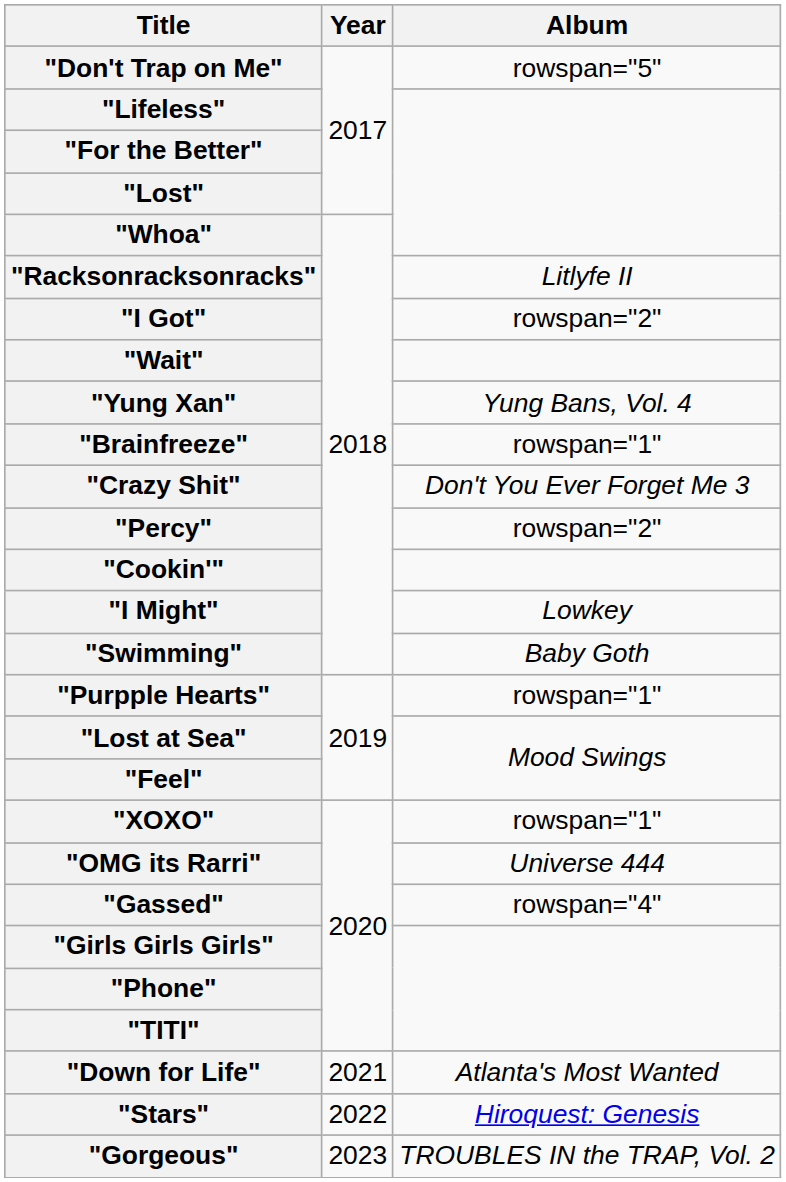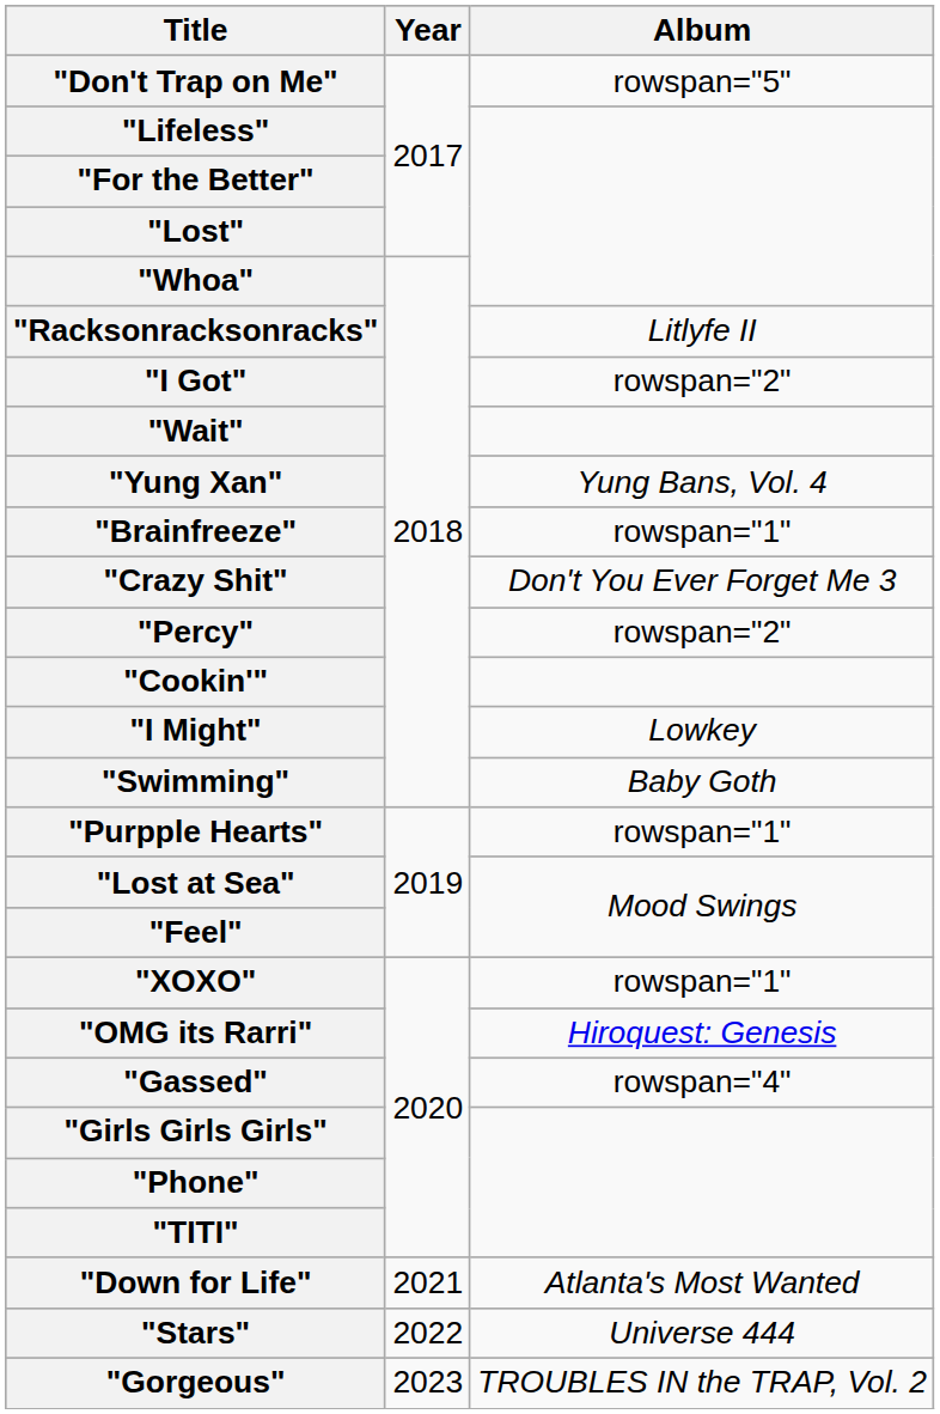 <table class="wikitable plainrowheaders" style="text-align: center;">
 <tr>
 <th scope="col" rowspan="1">Title</th>
 <th scope="col" rowspan="1">Year</th>
 <th scope="col" rowspan="1">Album</th>
 </tr>
 <tr>
 <th scope="row">"Don't Trap on Me"<br></th>
 <td rowspan="4">2017</td>
 <td>rowspan="5" </td>
 </tr>
 <tr>
 <th scope="row">"Lifeless"<br></th>
 </tr>
 <tr>
 <th scope="row">"For the Better"<br></th>
 </tr>
 <tr>
 <th scope="row">"Lost"<br></th>
 </tr>
 <tr>
 <th scope="row">"Whoa"<br></th>
 <td rowspan="11">2018</td>
 </tr>
 <tr>
 <th scope="row">"Racksonracksonracks"<br></th>
 <td rowspan="1"><em>Litlyfe II</em></td>
 </tr>
 <tr>
 <th scope="row">"I Got"<br></th>
 <td>rowspan="2" </td>
 </tr>
 <tr>
 <th scope="row">"Wait"<br></th>
 </tr>
 <tr>
 <th scope="row">"Yung Xan"<br></th>
 <td rowspan="1"><em>Yung Bans, Vol. 4</em></td>
 </tr>
 <tr>
 <th scope="row">"Brainfreeze"<br></th>
 <td>rowspan="1" </td>
 </tr>
 <tr>
 <th scope="row">"Crazy Shit"<br></th>
 <td rowspan="1"><em>Don't You Ever Forget Me 3</em></td>
 </tr>
 <tr>
 <th scope="row">"Percy"<br></th>
 <td>rowspan="2" </td>
 </tr>
 <tr>
 <th scope="row">"Cookin'"<br></th>
 </tr>
 <tr>
 <th scope="row">"I Might"<br></th>
 <td rowspan="1"><em>Lowkey</em></td>
 </tr>
 <tr>
 <th scope="row">"Swimming"<br></th>
 <td rowspan="1"><em>Baby Goth</em></td>
 </tr>
 <tr>
 <th scope="row">"Purpple Hearts"<br></th>
 <td rowspan="3">2019</td>
 <td>rowspan="1" </td>
 </tr>
 <tr>
 <th scope="row">"Lost at Sea"<br></th>
 <td rowspan="2"><em>Mood Swings</em></td>
 </tr>
 <tr>
 <th scope="row">"Feel"<br></th>
 </tr>
 <tr>
 <th scope="row">"XOXO"<br></th>
 <td rowspan="6">2020</td>
 <td>rowspan="1" </td>
 </tr>
 <tr>
 <th scope="row">"OMG its Rarri"<br></th>
-<td rowspan="1"><em>Universe 444</em></td>
+<td rowspan="1"><em><a href='#'>Hiroquest: Genesis</a></em></td>
 </tr>
 <tr>
 <th scope="row">"Gassed"<br></th>
 <td>rowspan="4" </td>
 </tr>
 <tr>
 <th scope="row">"Girls Girls Girls"<br></th>
 </tr>
 <tr>
 <th scope="row">"Phone"<br></th>
 </tr>
 <tr>
 <th scope="row">"TITI"<br></th>
 </tr>
 <tr>
 <th scope="row">"Down for Life"<br></th>
 <td rowspan="1">2021</td>
 <td rowspan="1"><em>Atlanta's Most Wanted</em></td>
 </tr>
 <tr>
 <th scope="row">"Stars"<br></th>
 <td rowspan="1">2022</td>
-<td rowspan="1"><em><a href='#'>Hiroquest: Genesis</a></em></td>
+<td rowspan="1"><em>Universe 444</em></td>
 </tr>
 <tr>
 <th scope="row">"Gorgeous"<br></th>
 <td rowspan="1">2023</td>
 <td rowspan="1"><em>TROUBLES IN the TRAP, Vol. 2</em></td>
 </tr>
 <tr>
 </tr>
 </table>
